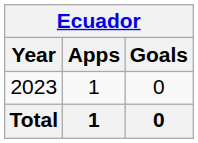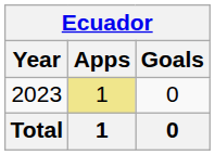 <table class="wikitable" style="text-align:center">
 <tr>
 <th colspan=3><a href='#'>Ecuador</a></th>
 </tr>
 <tr>
 <th>Year</th>
 <th>Apps</th>
 <th>Goals</th>
 </tr>
 <tr>
 <td>2023</td>
-<td>1</td>
+<td style="background: khaki;">1</td>
 <td>0</td>
 </tr>
 <tr>
 <th>Total</th>
 <th>1</th>
 <th>0</th>
 </tr>
 </table>
